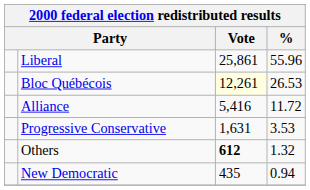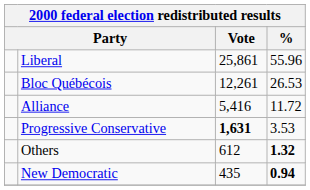 <table class="wikitable">
 <tr>
 <th colspan="4"><a href='#'>2000 federal election</a> redistributed results</th>
 </tr>
 <tr>
 <th bgcolor="#DDDDFF" width="230px" colspan="2">Party</th>
 <th bgcolor="#DDDDFF" width="50px">Vote</th>
 <th bgcolor="#DDDDFF" width="30px">%</th>
 </tr>
 <tr>
 <td> </td>
 <td><a href='#'>Liberal</a></td>
 <td>25,861</td>
 <td>55.96</td>
 </tr>
 <tr>
 <td> </td>
 <td><a href='#'>Bloc Québécois</a></td>
-<td style="background: lightyellow;">12,261</td>
+<td>12,261</td>
 <td>26.53</td>
 </tr>
 <tr>
 <td> </td>
 <td><a href='#'>Alliance</a></td>
 <td>5,416</td>
 <td>11.72</td>
 </tr>
 <tr>
 <td> </td>
 <td><a href='#'>Progressive Conservative</a></td>
-<td>1,631</td>
+<td><strong>1,631</strong></td>
 <td>3.53</td>
 </tr>
 <tr>
 <td> </td>
 <td>Others</td>
-<td><strong>612</strong></td>
-<td>1.32</td>
+<td>612</td>
+<td><strong>1.32</strong></td>
 </tr>
 <tr>
 <td> </td>
 <td><a href='#'>New Democratic</a></td>
 <td>435</td>
-<td>0.94</td>
+<td><strong>0.94</strong></td>
 </tr>
 <tr>
 </tr>
 </table>
